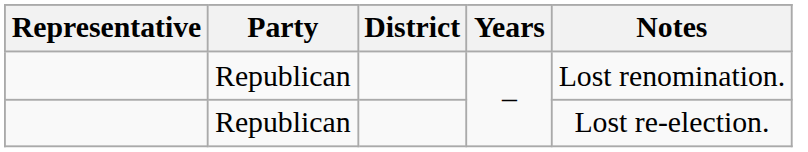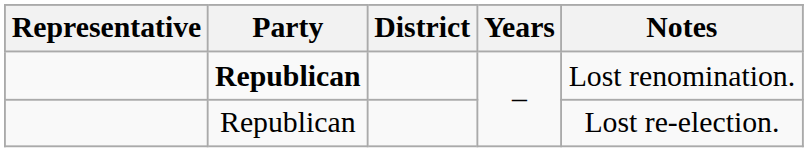 <table class="wikitable sortable" style="text-align:center">
 <tr valign=bottom>
 <th>Representative</th>
 <th>Party</th>
 <th>District</th>
 <th>Years</th>
 <th>Notes</th>
 </tr>
 <tr>
 <td align=left></td>
-<td>Republican</td>
+<td><strong>Republican</strong></td>
 <td></td>
 <td rowspan="2" nowrap=""> –<br></td>
 <td>Lost renomination.</td>
 </tr>
 <tr>
 <td align=left></td>
 <td>Republican</td>
 <td></td>
 <td>Lost re-election.</td>
 </tr>
 </table>
